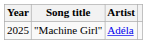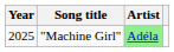 <table class="wikitable plainrowheaders sortable">
 <tr>
 <th scope="col">Year</th>
 <th scope="col">Song title</th>
 <th scope="col">Artist</th>
 <th scope="col" class="unsortable"></th>
 </tr>
 <tr>
 <td rowspan="2">2025</td>
 <td>"Machine Girl"</td>
-<td><a href='#'>Adéla</a></td>
+<td style="background: lightgreen;"><a href='#'>Adéla</a></td>
 <td style="text-align:center"></td>
 </tr>
 </table>
